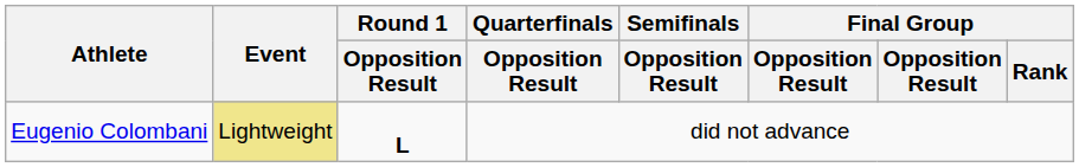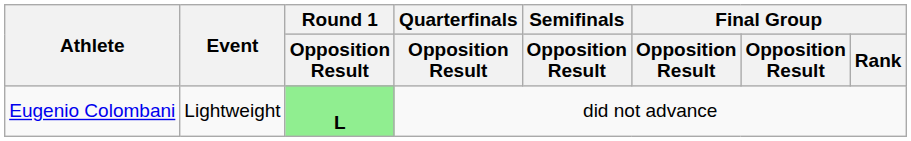 <table class=wikitable style="font-size:85%">
 <tr>
 <th rowspan=2>Athlete</th>
 <th rowspan=2>Event</th>
 <th>Round 1</th>
 <th>Quarterfinals</th>
 <th>Semifinals</th>
 <th colspan=3>Final Group</th>
 </tr>
 <tr>
 <th>Opposition<br>Result</th>
 <th>Opposition<br>Result</th>
 <th>Opposition<br>Result</th>
 <th>Opposition<br>Result</th>
 <th>Opposition<br>Result</th>
 <th>Rank</th>
 </tr>
 <tr>
 <td><a href='#'>Eugenio Colombani</a></td>
-<td style="background: khaki;">Lightweight</td>
-<td align=center><br><strong>L</strong></td>
+<td>Lightweight</td>
+<td align=center style="background: lightgreen;"><br><strong>L</strong></td>
 <td align=center colspan=5>did not advance</td>
 </tr>
 </table>
